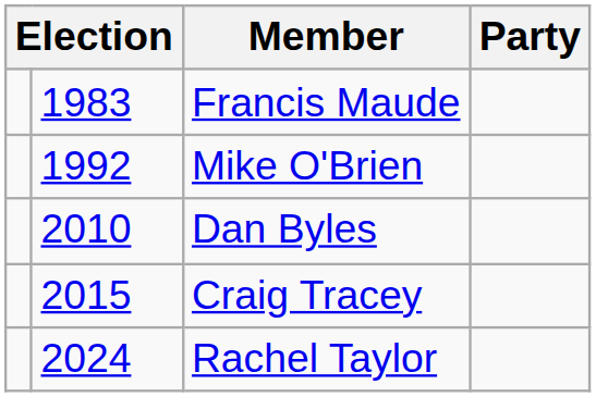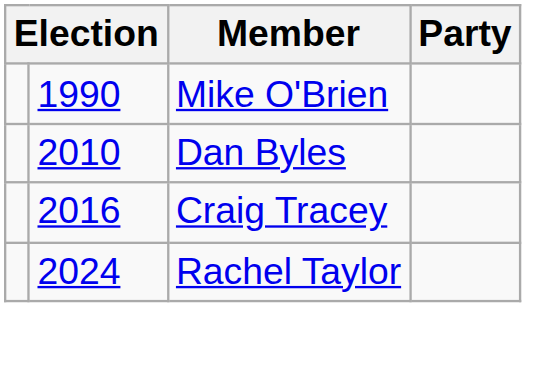 <table class="wikitable">
 <tr>
 <th colspan="2">Election</th>
 <th>Member</th>
 <th>Party</th>
 </tr>
 <tr>
 <td style="color:inherit;background-color: "></td>
-<td><a href='#'>1983</a></td>
-<td><a href='#'>Francis Maude</a></td>
-<td></td>
-</tr>
-<tr>
-<td style="color:inherit;background-color: "></td>
-<td><a href='#'>1992</a></td>
+<td><a href='#'>1990</a></td>
 <td><a href='#'>Mike O'Brien</a></td>
 <td></td>
 </tr>
 <tr>
 <td style="color:inherit;background-color: "></td>
 <td><a href='#'>2010</a></td>
 <td><a href='#'>Dan Byles</a></td>
 <td></td>
 </tr>
 <tr>
 <td style="color:inherit;background-color: "></td>
-<td><a href='#'>2015</a></td>
+<td><a href='#'>2016</a></td>
 <td><a href='#'>Craig Tracey</a></td>
 <td></td>
 </tr>
 <tr>
 <td style="color:inherit;background-color: "></td>
 <td><a href='#'>2024</a></td>
 <td><a href='#'>Rachel Taylor</a></td>
 <td></td>
 </tr>
 </table>
